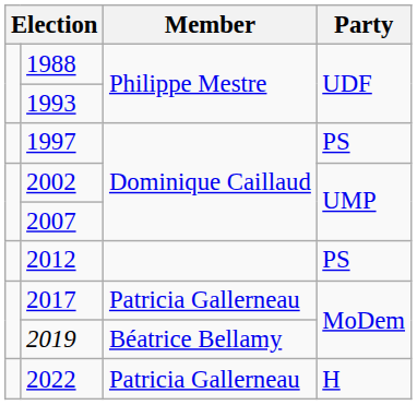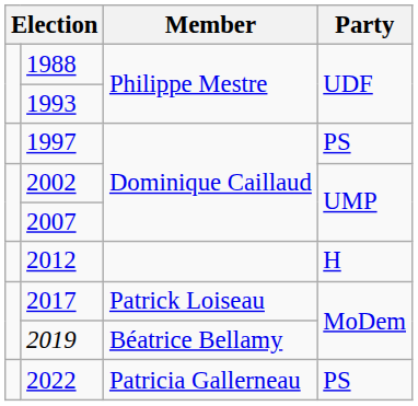 <table class="wikitable">
 <tr>
 <th colspan=2>Election</th>
 <th>Member</th>
 <th>Party</th>
 </tr>
 <tr>
 <td rowspan="2" style="background-color: "></td>
 <td><a href='#'>1988</a></td>
 <td rowspan="2"><a href='#'>Philippe Mestre</a></td>
 <td rowspan="2"><a href='#'>UDF</a></td>
 </tr>
 <tr>
 <td><a href='#'>1993</a></td>
 </tr>
 <tr>
 <td style="background-color: "></td>
 <td><a href='#'>1997</a></td>
 <td rowspan="3"><a href='#'>Dominique Caillaud</a></td>
 <td><a href='#'>PS</a></td>
 </tr>
 <tr>
 <td rowspan="2" style="background-color: "></td>
 <td><a href='#'>2002</a></td>
 <td rowspan="2"><a href='#'>UMP</a></td>
 </tr>
 <tr>
 <td><a href='#'>2007</a></td>
 </tr>
 <tr>
 <td style="background-color: "></td>
 <td><a href='#'>2012</a></td>
 <td></td>
-<td><a href='#'>PS</a></td>
+<td><a href='#'>H</a></td>
 </tr>
 <tr>
 <td rowspan="2" style="background-color: "></td>
 <td><a href='#'>2017</a></td>
-<td><a href='#'>Patricia Gallerneau</a></td>
+<td><a href='#'>Patrick Loiseau</a></td>
 <td rowspan="2"><a href='#'>MoDem</a></td>
 </tr>
 <tr>
 <td><em>2019</em></td>
 <td><a href='#'>Béatrice Bellamy</a></td>
 </tr>
 <tr>
 <td style="background-color: "></td>
 <td><a href='#'>2022</a></td>
 <td><a href='#'>Patricia Gallerneau</a></td>
-<td><a href='#'>H</a></td>
+<td><a href='#'>PS</a></td>
 </tr>
 </table>
